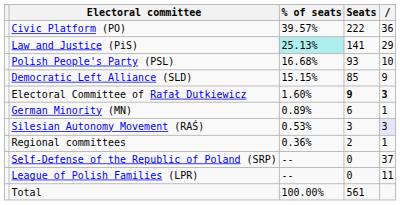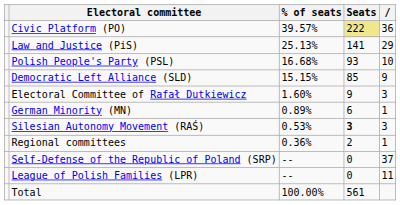 <table class="wikitable">
 <tr>
 <th></th>
 <th>Electoral committee</th>
 <th>% of seats</th>
 <th>Seats</th>
 <th> / </th>
 </tr>
 <tr>
 <td></td>
 <td><a href='#'>Civic Platform</a> (PO)</td>
 <td>39.57%</td>
-<td>222</td>
+<td style="background: khaki;">222</td>
 <td> 36</td>
 </tr>
 <tr>
 <td></td>
 <td><a href='#'>Law and Justice</a> (PiS)</td>
-<td style="background: paleturquoise;">25.13%</td>
+<td>25.13%</td>
 <td>141</td>
 <td> 29</td>
 </tr>
 <tr>
 <td></td>
 <td><a href='#'>Polish People's Party</a> (PSL)</td>
 <td>16.68%</td>
 <td>93</td>
 <td> 10</td>
 </tr>
 <tr>
 <td></td>
 <td><a href='#'>Democratic Left Alliance</a> (SLD)</td>
 <td>15.15%</td>
 <td>85</td>
 <td> 9</td>
 </tr>
 <tr>
 <td></td>
 <td>Electoral Committee of <a href='#'>Rafał Dutkiewicz</a></td>
 <td>1.60%</td>
-<td><strong>9</strong></td>
-<td><strong> 3</strong></td>
+<td>9</td>
+<td> 3</td>
 </tr>
 <tr>
 <td></td>
 <td><a href='#'>German Minority</a> (MN)</td>
 <td>0.89%</td>
 <td>6</td>
 <td> 1</td>
 </tr>
 <tr>
 <td></td>
 <td><a href='#'>Silesian Autonomy Movement</a> (RAŚ)</td>
 <td>0.53%</td>
-<td>3</td>
-<td style="background: lavender;"> 3</td>
+<td><strong>3</strong></td>
+<td> 3</td>
 </tr>
 <tr>
 <td></td>
 <td>Regional committees</td>
 <td>0.36%</td>
 <td>2</td>
 <td> 1</td>
 </tr>
 <tr>
 <td></td>
 <td><a href='#'>Self-Defense of the Republic of Poland</a> (SRP)</td>
 <td>--</td>
 <td>0</td>
 <td> 37</td>
 </tr>
 <tr>
 <td></td>
 <td><a href='#'>League of Polish Families</a> (LPR)</td>
 <td>--</td>
 <td>0</td>
 <td> 11</td>
 </tr>
 <tr>
 <td></td>
 <td>Total</td>
 <td>100.00%</td>
 <td>561</td>
 </tr>
 </table>
